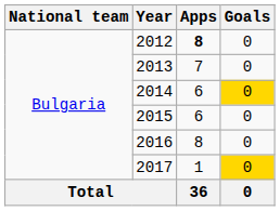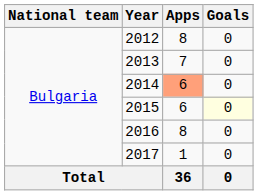 <table class="wikitable" style="text-align:center">
 <tr>
 <th>National team</th>
 <th>Year</th>
 <th>Apps</th>
 <th>Goals</th>
 </tr>
 <tr>
 <td rowspan="6"><a href='#'>Bulgaria</a></td>
 <td>2012</td>
-<td><strong>8</strong></td>
+<td>8</td>
 <td>0</td>
 </tr>
 <tr>
 <td>2013</td>
 <td>7</td>
 <td>0</td>
 </tr>
 <tr>
 <td>2014</td>
-<td>6</td>
-<td style="background: gold;">0</td>
+<td style="background: lightsalmon;">6</td>
+<td>0</td>
 </tr>
 <tr>
 <td>2015</td>
 <td>6</td>
-<td>0</td>
+<td style="background: lightyellow;">0</td>
 </tr>
 <tr>
 <td>2016</td>
 <td>8</td>
 <td>0</td>
 </tr>
 <tr>
 <td>2017</td>
 <td>1</td>
-<td style="background: gold;">0</td>
+<td>0</td>
 </tr>
 <tr>
 <th colspan="2">Total</th>
 <th>36</th>
 <th>0</th>
 </tr>
 </table>
